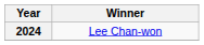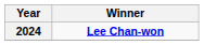 <table class="wikitable plainrowheaders" style="text-align:center">
 <tr>
 <th scope="col" width="60">Year</th>
 <th scope="col" width="200">Winner</th>
 </tr>
 <tr>
 <th scope="row">2024</th>
-<td><a href='#'>Lee Chan-won</a></td>
+<td><strong><a href='#'>Lee Chan-won</a></strong></td>
 </tr>
 <tr>
 </tr>
 </table>
